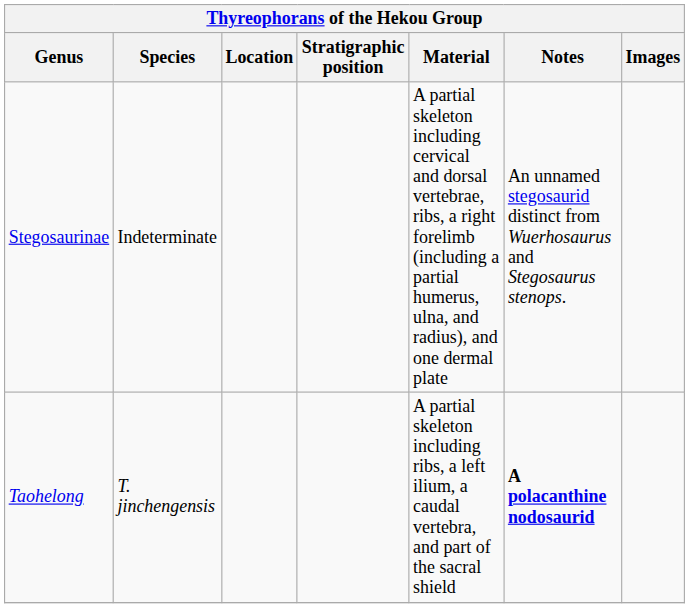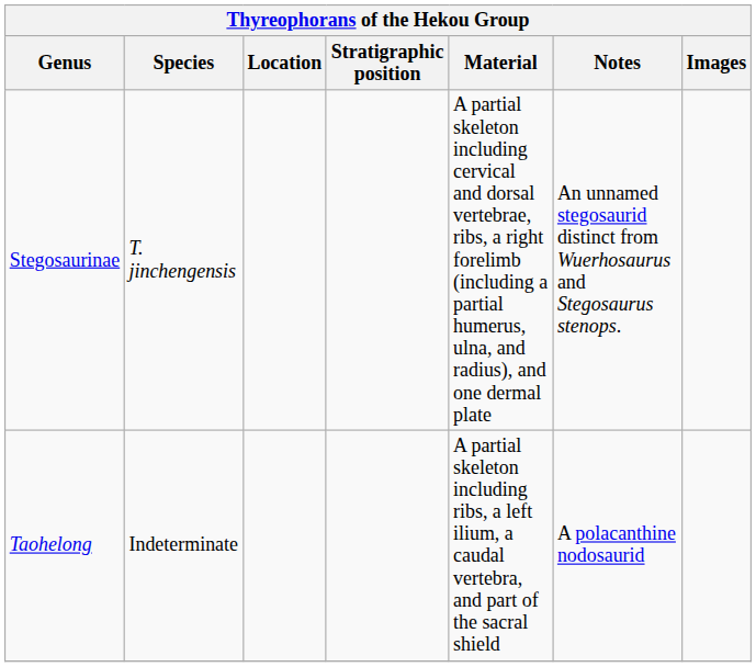 <table class="wikitable" align="center">
 <tr>
 <th colspan="7" align="center"><a href='#'>Thyreophorans</a> of the Hekou Group</th>
 </tr>
 <tr>
 <th>Genus</th>
 <th>Species</th>
 <th>Location</th>
 <th>Stratigraphic position</th>
 <th>Material</th>
 <th>Notes</th>
 <th>Images</th>
 </tr>
 <tr>
 <td><a href='#'>Stegosaurinae</a></td>
-<td>Indeterminate</td>
+<td><em>T. jinchengensis</em></td>
 <td></td>
 <td></td>
 <td>A partial skeleton including cervical and dorsal vertebrae, ribs, a right forelimb (including a partial humerus, ulna, and radius), and one dermal plate</td>
 <td>An unnamed <a href='#'>stegosaurid</a> distinct from <em>Wuerhosaurus</em> and <em>Stegosaurus stenops</em>.</td>
 <td></td>
 </tr>
 <tr>
 <td><em><a href='#'>Taohelong</a></em></td>
-<td><em>T. jinchengensis</em></td>
+<td>Indeterminate</td>
 <td></td>
 <td></td>
 <td>A partial skeleton including ribs, a left ilium, a caudal vertebra, and part of the sacral shield</td>
-<td><strong>A <a href='#'>polacanthine</a> <a href='#'>nodosaurid</a></strong></td>
+<td>A <a href='#'>polacanthine</a> <a href='#'>nodosaurid</a></td>
 <td></td>
 </tr>
 <tr>
 </tr>
 </table>
